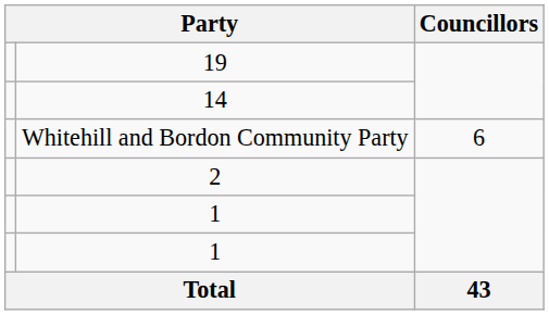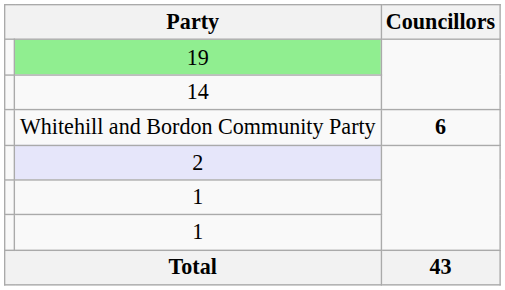 <table class="wikitable">
 <tr>
 <th colspan=2>Party</th>
 <th>Councillors</th>
 </tr>
 <tr>
 <td></td>
-<td align=center>19</td>
+<td align=center style="background: lightgreen;">19</td>
 </tr>
 <tr>
 <td></td>
 <td align=center>14</td>
 </tr>
 <tr>
 <td></td>
 <td>Whitehill and Bordon Community Party</td>
-<td align=center>6</td>
+<td align=center><strong>6</strong></td>
 </tr>
 <tr>
 <td></td>
-<td align=center>2</td>
+<td align=center style="background: lavender;">2</td>
 </tr>
 <tr>
 <td></td>
 <td align=center>1</td>
 </tr>
 <tr>
 <td></td>
 <td align=center>1</td>
 </tr>
 <tr>
 <th colspan=2>Total</th>
 <th align=center>43</th>
 </tr>
 </table>
